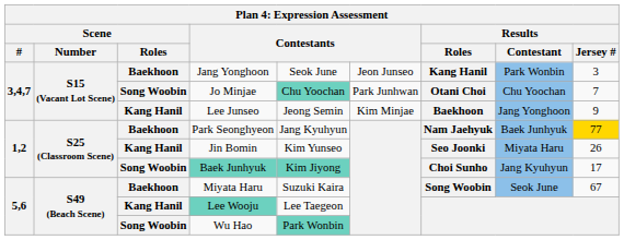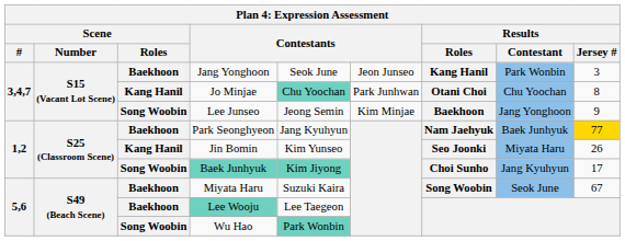 <table class="wikitable sortable mw-collapsible mw-collapsed" style="font-size:90%; text-align:center; ">
 <tr>
 <th colspan="9">Plan 4: Expression Assessment</th>
 </tr>
 <tr>
 <th colspan="3">Scene</th>
 <th colspan="3" rowspan="2">Contestants</th>
 <th colspan="3">Results</th>
 </tr>
 <tr>
 <th>#</th>
 <th>Number</th>
 <th>Roles</th>
 <th>Roles</th>
 <th>Contestant</th>
 <th>Jersey #</th>
 </tr>
 <tr>
 <th rowspan="3">3,4,7</th>
 <th rowspan="3">S15<br><small>(Vacant Lot Scene)</small></th>
 <th>Baekhoon</th>
 <td>Jang Yonghoon</td>
 <td>Seok June</td>
 <td>Jeon Junseo</td>
 <th>Kang Hanil</th>
 <td style="background:#8cc0e9">Park Wonbin</td>
 <td>3</td>
 </tr>
 <tr>
-<th>Song Woobin</th>
+<th>Kang Hanil</th>
 <td>Jo Minjae</td>
 <td style="background:#6CD1BF">Chu Yoochan</td>
 <td>Park Junhwan</td>
 <th>Otani Choi</th>
 <td style="background:#8cc0e9">Chu Yoochan</td>
-<td>7</td>
+<td>8</td>
 </tr>
 <tr>
-<th>Kang Hanil</th>
+<th>Song Woobin</th>
 <td>Lee Junseo</td>
 <td>Jeong Semin</td>
 <td>Kim Minjae</td>
 <th>Baekhoon</th>
 <td style="background:#8cc0e9">Jang Yonghoon</td>
 <td>9</td>
 </tr>
 <tr>
 <th rowspan="3">1,2</th>
 <th rowspan="3">S25<br><small>(Classroom Scene)</small></th>
 <th>Baekhoon</th>
 <td>Park Seonghyeon</td>
 <td>Jang Kyuhyun</td>
 <th rowspan="6"></th>
 <th>Nam Jaehyuk</th>
 <td style="background:#8cc0e9">Baek Junhyuk</td>
 <td style="background: gold;">77</td>
 </tr>
 <tr>
 <th>Kang Hanil</th>
 <td>Jin Bomin</td>
 <td>Kim Yunseo</td>
 <th>Seo Joonki</th>
 <td style="background:#8cc0e9">Miyata Haru</td>
 <td>26</td>
 </tr>
 <tr>
 <th>Song Woobin</th>
 <td style="background:#6CD1BF">Baek Junhyuk</td>
 <td style="background:#6CD1BF">Kim Jiyong</td>
 <th>Choi Sunho</th>
 <td style="background:#8cc0e9">Jang Kyuhyun</td>
 <td>17</td>
 </tr>
 <tr>
 <th rowspan="3">5,6</th>
 <th rowspan="3">S49<br><small>(Beach Scene)</small></th>
 <th>Baekhoon</th>
 <td>Miyata Haru</td>
 <td>Suzuki Kaira</td>
 <th>Song Woobin</th>
 <td style="background:#8cc0e9">Seok June</td>
 <td>67</td>
 </tr>
 <tr>
-<th>Kang Hanil</th>
+<th>Baekhoon</th>
 <td style="background:#6CD1BF">Lee Wooju</td>
 <td>Lee Taegeon</td>
 <th colspan="3" rowspan="2"></th>
 </tr>
 <tr>
 <th>Song Woobin</th>
 <td>Wu Hao</td>
 <td style="background:#6CD1BF">Park Wonbin</td>
 </tr>
 </table>
